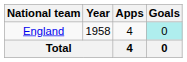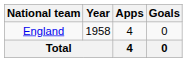 <table class=wikitable style="text-align: center">
 <tr>
 <th>National team</th>
 <th>Year</th>
 <th>Apps</th>
 <th>Goals</th>
 </tr>
 <tr>
 <td><a href='#'>England</a></td>
 <td>1958</td>
 <td>4</td>
-<td style="background: paleturquoise;">0</td>
+<td>0</td>
 </tr>
 <tr>
 <th colspan=2>Total</th>
 <th>4</th>
 <th>0</th>
 </tr>
 </table>
